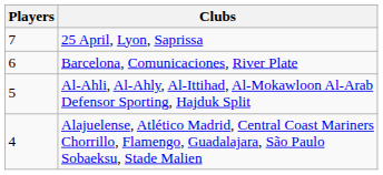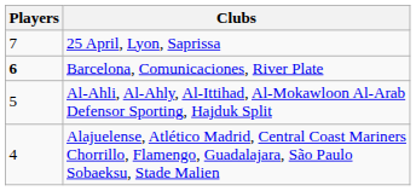 <table class="wikitable">
 <tr>
 <th>Players</th>
 <th>Clubs</th>
 </tr>
 <tr>
 <td>7</td>
 <td> <a href='#'>25 April</a>,  <a href='#'>Lyon</a>,  <a href='#'>Saprissa</a></td>
 </tr>
 <tr>
-<td>6</td>
+<td><strong>6</strong></td>
 <td> <a href='#'>Barcelona</a>,  <a href='#'>Comunicaciones</a>,  <a href='#'>River Plate</a></td>
 </tr>
 <tr>
 <td>5</td>
 <td> <a href='#'>Al-Ahli</a>,  <a href='#'>Al-Ahly</a>,  <a href='#'>Al-Ittihad</a>,  <a href='#'>Al-Mokawloon Al-Arab</a><br>  <a href='#'>Defensor Sporting</a>,  <a href='#'>Hajduk Split</a></td>
 </tr>
 <tr>
 <td>4</td>
 <td> <a href='#'>Alajuelense</a>,  <a href='#'>Atlético Madrid</a>,  <a href='#'>Central Coast Mariners</a><br>  <a href='#'>Chorrillo</a>,  <a href='#'>Flamengo</a>,  <a href='#'>Guadalajara</a>, <a href='#'>São Paulo</a><br>  <a href='#'>Sobaeksu</a>,  <a href='#'>Stade Malien</a></td>
 </tr>
 </table>
